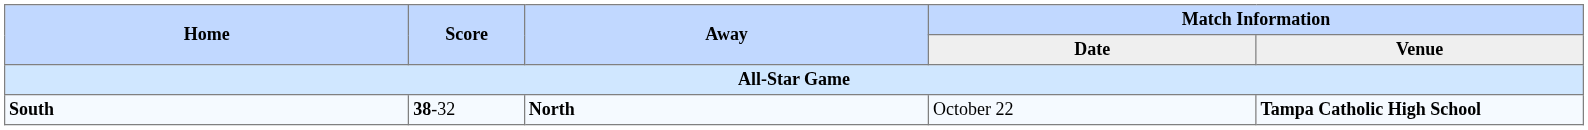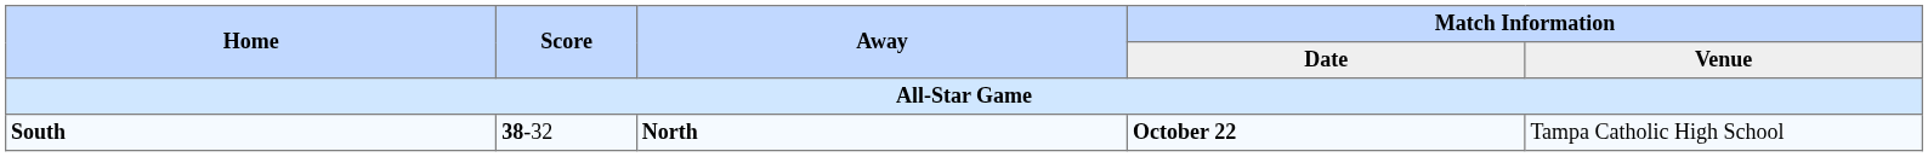 <table border="1" cellpadding="3" cellspacing="0" style="border-collapse:collapse; font-size:90%; text-align:center; width:100%">
 <tr style="background:#c1d8ff;">
 <th rowspan="2" style="width:21%;">Home</th>
 <th rowspan="2" style="width:6%;">Score</th>
 <th rowspan="2" style="width:21%;">Away</th>
 <th colspan=6>Match Information</th>
 </tr>
 <tr style="background:#efefef;">
 <th width=17%>Date</th>
 <th width=17%>Venue</th>
 </tr>
 <tr style="background:#d0e7ff;">
 <td colspan=7><strong>All-Star Game</strong></td>
 </tr>
 <tr style="text-align:left; background:#f5faff;">
 <td><strong>South</strong></td>
 <td><strong>38</strong>-32</td>
 <td><strong>North</strong></td>
-<td>October 22</td>
-<td><strong>Tampa Catholic High School</strong></td>
+<td><strong>October 22</strong></td>
+<td>Tampa Catholic High School</td>
 </tr>
 </table>
